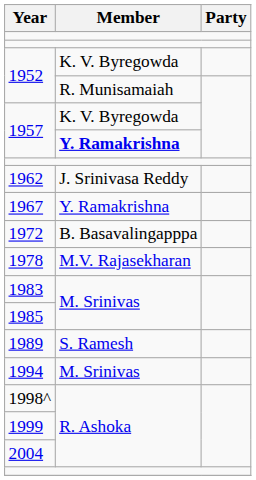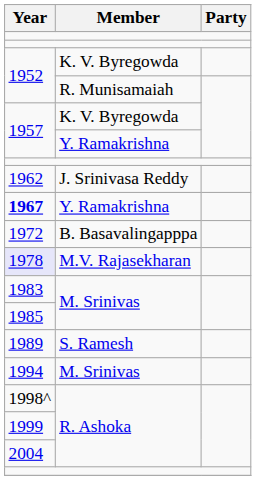 <table class="wikitable sortable">
 <tr>
 <th>Year</th>
 <th>Member</th>
 <th colspan="2">Party</th>
 </tr>
 <tr>
 <td colspan=4></td>
 </tr>
 <tr>
 <td colspan=4></td>
 </tr>
 <tr>
 <td rowspan=2><a href='#'>1952</a></td>
 <td>K. V. Byregowda</td>
 <td></td>
 </tr>
 <tr>
 <td>R. Munisamaiah</td>
 </tr>
 <tr>
 <td rowspan=2><a href='#'>1957</a></td>
 <td>K. V. Byregowda</td>
 </tr>
 <tr>
-<td><strong><a href='#'>Y. Ramakrishna</a></strong></td>
+<td><a href='#'>Y. Ramakrishna</a></td>
 </tr>
 <tr>
 <td colspan=4></td>
 </tr>
 <tr>
 <td><a href='#'>1962</a></td>
 <td>J. Srinivasa Reddy</td>
 <td></td>
 </tr>
 <tr>
-<td><a href='#'>1967</a></td>
+<td><strong><a href='#'>1967</a></strong></td>
 <td><a href='#'>Y. Ramakrishna</a></td>
 </tr>
 <tr>
 <td><a href='#'>1972</a></td>
 <td>B. Basavalingapppa</td>
 <td></td>
 </tr>
 <tr>
-<td><a href='#'>1978</a></td>
+<td style="background: lavender;"><a href='#'>1978</a></td>
 <td><a href='#'>M.V. Rajasekharan</a></td>
 <td></td>
 </tr>
 <tr>
 <td><a href='#'>1983</a></td>
 <td rowspan=2><a href='#'>M. Srinivas</a></td>
 </tr>
 <tr>
 <td><a href='#'>1985</a></td>
 </tr>
 <tr>
 <td><a href='#'>1989</a></td>
 <td><a href='#'>S. Ramesh</a></td>
 <td></td>
 </tr>
 <tr>
 <td><a href='#'>1994</a></td>
 <td><a href='#'>M. Srinivas</a></td>
 <td></td>
 </tr>
 <tr>
 <td>1998^</td>
 <td rowspan=3><a href='#'>R. Ashoka</a></td>
 </tr>
 <tr>
 <td><a href='#'>1999</a></td>
 </tr>
 <tr>
 <td><a href='#'>2004</a></td>
 </tr>
 <tr>
 <td colspan=4></td>
 </tr>
 <tr>
 </tr>
 </table>
